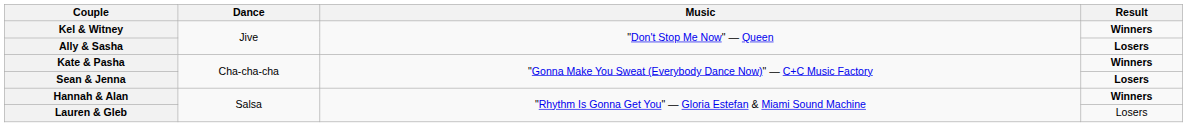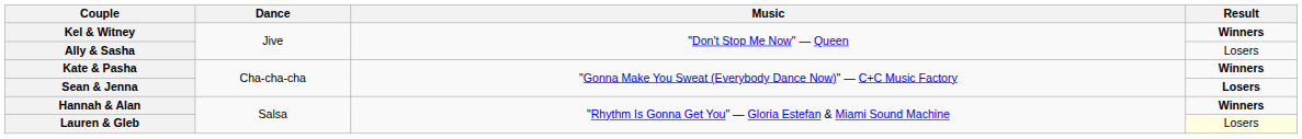 <table class="wikitable unsortable" style="text-align:center; width: 90%">
 <tr>
 <th scope="col">Couple</th>
 <th scope="col">Dance</th>
 <th scope="col">Music</th>
 <th scope="col">Result</th>
 </tr>
 <tr>
 <th scope="row">Kel & Witney</th>
 <td rowspan=2>Jive</td>
 <td rowspan=2>"<a href='#'>Don't Stop Me Now</a>" — <a href='#'>Queen</a></td>
 <td><strong>Winners</strong></td>
 </tr>
 <tr>
 <th scope="row">Ally & Sasha</th>
-<td><strong>Losers</strong></td>
+<td>Losers</td>
 </tr>
 <tr>
 <th scope="row">Kate & Pasha</th>
 <td rowspan=2>Cha-cha-cha</td>
 <td rowspan=2>"<a href='#'>Gonna Make You Sweat (Everybody Dance Now)</a>" — <a href='#'>C+C Music Factory</a></td>
 <td><strong>Winners</strong></td>
 </tr>
 <tr>
 <th scope="row">Sean & Jenna</th>
 <td><strong>Losers</strong></td>
 </tr>
 <tr>
 <th scope="row">Hannah & Alan</th>
 <td rowspan=2>Salsa</td>
 <td rowspan=2>"<a href='#'>Rhythm Is Gonna Get You</a>" — <a href='#'>Gloria Estefan</a> & <a href='#'>Miami Sound Machine</a></td>
 <td><strong>Winners</strong></td>
 </tr>
 <tr>
 <th scope="row">Lauren & Gleb</th>
-<td>Losers</td>
+<td style="background: lightyellow;">Losers</td>
 </tr>
 </table>
